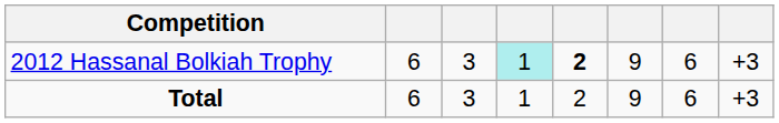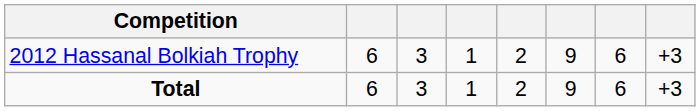 <table class="wikitable" style="text-align: center;">
 <tr>
 <th width=250>Competition</th>
 <th width=30></th>
 <th width=30></th>
 <th width=30></th>
 <th width=30></th>
 <th width=30></th>
 <th width=30></th>
 <th width=30></th>
 </tr>
 <tr>
 <td align="left"><a href='#'>2012 Hassanal Bolkiah Trophy</a></td>
 <td>6</td>
 <td>3</td>
-<td style="background: paleturquoise;">1</td>
-<td><strong>2</strong></td>
+<td>1</td>
+<td>2</td>
 <td>9</td>
 <td>6</td>
 <td>+3</td>
 </tr>
 <tr>
 <td><strong>Total</strong></td>
 <td>6</td>
 <td>3</td>
 <td>1</td>
 <td>2</td>
 <td>9</td>
 <td>6</td>
 <td>+3</td>
 </tr>
 </table>
